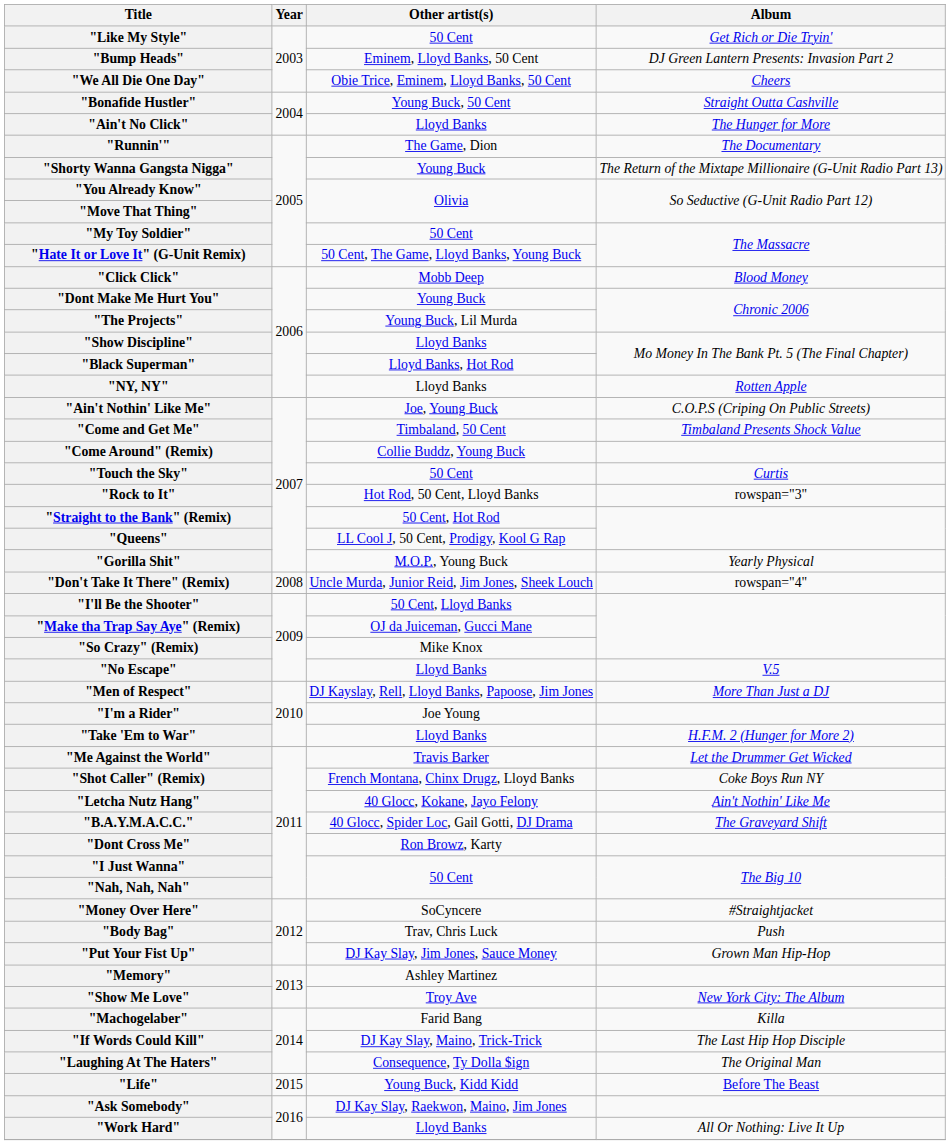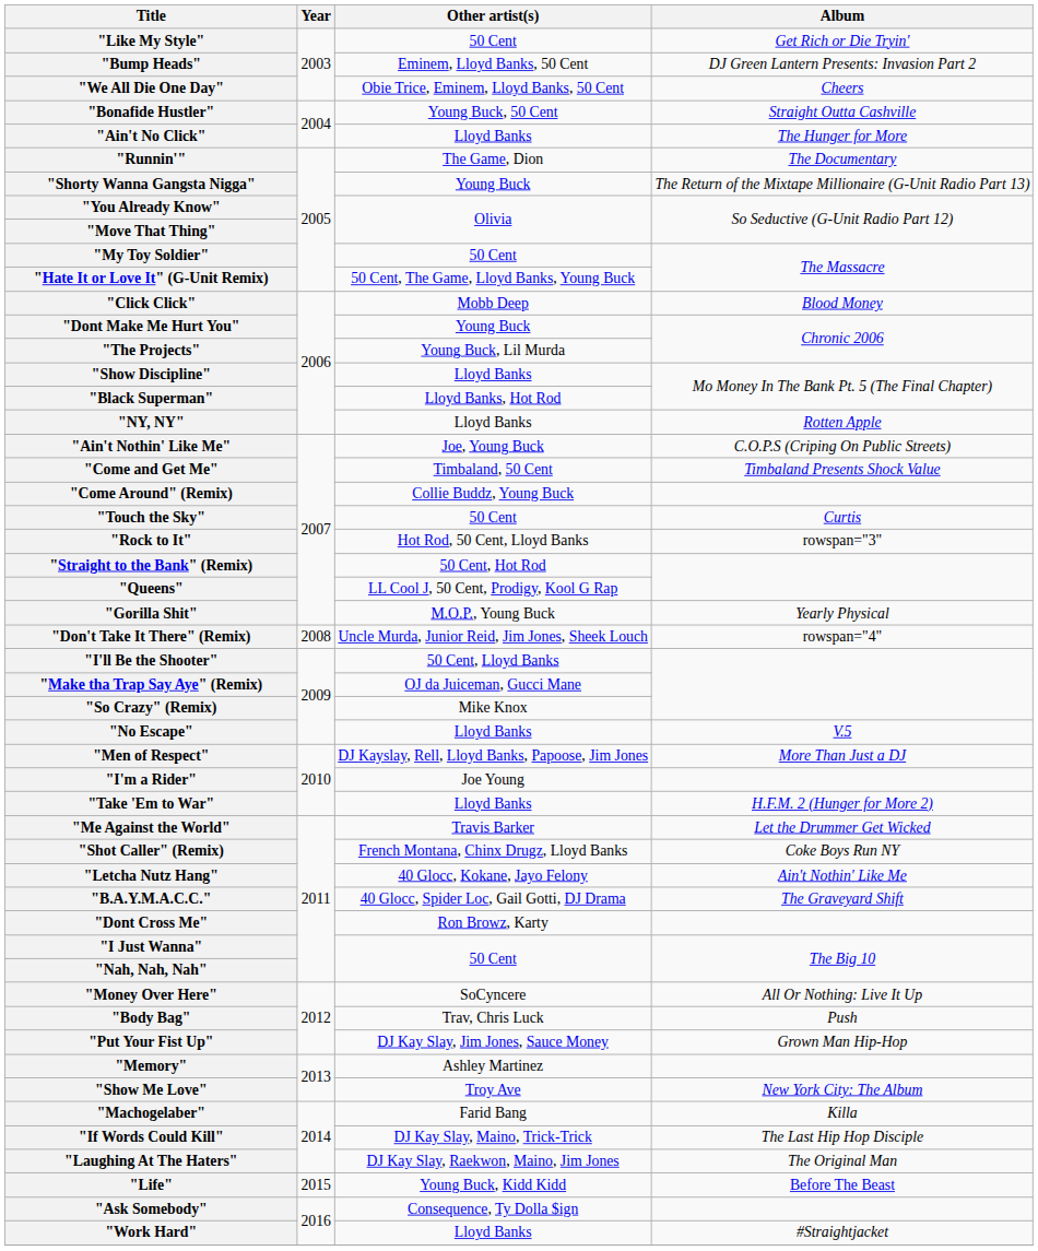 <table class="wikitable plainrowheaders" style="text-align:center;">
 <tr>
 <th scope="col" style="width:19em;">Title</th>
 <th scope="col">Year</th>
 <th scope="col">Other artist(s)</th>
 <th scope="col">Album</th>
 </tr>
 <tr>
 <th scope="row">"Like My Style"</th>
 <td rowspan="3">2003</td>
 <td><a href='#'>50 Cent</a></td>
 <td><em><a href='#'>Get Rich or Die Tryin'</a></em></td>
 </tr>
 <tr>
 <th scope="row">"Bump Heads"</th>
 <td><a href='#'>Eminem</a>, <a href='#'>Lloyd Banks</a>, 50 Cent</td>
 <td><em>DJ Green Lantern Presents: Invasion Part 2</em></td>
 </tr>
 <tr>
 <th scope="row">"We All Die One Day"</th>
 <td><a href='#'>Obie Trice</a>, <a href='#'>Eminem</a>, <a href='#'>Lloyd Banks</a>, <a href='#'>50 Cent</a></td>
 <td><em><a href='#'>Cheers</a></em></td>
 </tr>
 <tr>
 <th scope="row">"Bonafide Hustler"</th>
 <td rowspan="2">2004</td>
 <td><a href='#'>Young Buck</a>, <a href='#'>50 Cent</a></td>
 <td><em><a href='#'>Straight Outta Cashville</a></em></td>
 </tr>
 <tr>
 <th scope="row">"Ain't No Click"</th>
 <td><a href='#'>Lloyd Banks</a></td>
 <td><em><a href='#'>The Hunger for More</a></em></td>
 </tr>
 <tr>
 <th scope="row">"Runnin'"</th>
 <td rowspan="6">2005</td>
 <td><a href='#'>The Game</a>, Dion</td>
 <td><em><a href='#'>The Documentary</a></em></td>
 </tr>
 <tr>
 <th scope="row">"Shorty Wanna Gangsta Nigga"</th>
 <td><a href='#'>Young Buck</a></td>
 <td><em>The Return of the Mixtape Millionaire (G-Unit Radio Part 13)</em></td>
 </tr>
 <tr>
 <th scope="row">"You Already Know"</th>
 <td rowspan="2"><a href='#'>Olivia</a></td>
 <td rowspan="2"><em>So Seductive (G-Unit Radio Part 12)</em></td>
 </tr>
 <tr>
 <th scope="row">"Move That Thing"</th>
 </tr>
 <tr>
 <th scope="row">"My Toy Soldier"</th>
 <td><a href='#'>50 Cent</a></td>
 <td rowspan="2"><em><a href='#'>The Massacre</a></em></td>
 </tr>
 <tr>
 <th scope="row">"<a href='#'>Hate It or Love It</a>" (G-Unit Remix)</th>
 <td><a href='#'>50 Cent</a>, <a href='#'>The Game</a>, <a href='#'>Lloyd Banks</a>, <a href='#'>Young Buck</a></td>
 </tr>
 <tr>
 <th scope="row">"Click Click"</th>
 <td rowspan="6">2006</td>
 <td><a href='#'>Mobb Deep</a></td>
 <td><em><a href='#'>Blood Money</a></em></td>
 </tr>
 <tr>
 <th scope="row">"Dont Make Me Hurt You"</th>
 <td><a href='#'>Young Buck</a></td>
 <td rowspan="2"><em><a href='#'>Chronic 2006</a></em></td>
 </tr>
 <tr>
 <th scope="row">"The Projects"</th>
 <td><a href='#'>Young Buck</a>, Lil Murda</td>
 </tr>
 <tr>
 <th scope="row">"Show Discipline"</th>
 <td><a href='#'>Lloyd Banks</a></td>
 <td rowspan="2"><em>Mo Money In The Bank Pt. 5 (The Final Chapter)</em></td>
 </tr>
 <tr>
 <th scope="row">"Black Superman"</th>
 <td><a href='#'>Lloyd Banks</a>, <a href='#'>Hot Rod</a></td>
 </tr>
 <tr>
 <th scope="row">"NY, NY"</th>
 <td>Lloyd Banks</td>
 <td><em><a href='#'>Rotten Apple</a></em></td>
 </tr>
 <tr>
 <th scope="row">"Ain't Nothin' Like Me"</th>
 <td rowspan="8">2007</td>
 <td><a href='#'>Joe</a>, <a href='#'>Young Buck</a></td>
 <td><em>C.O.P.S (Criping On Public Streets)</em></td>
 </tr>
 <tr>
 <th scope="row">"Come and Get Me"</th>
 <td><a href='#'>Timbaland</a>, <a href='#'>50 Cent</a></td>
 <td><em><a href='#'>Timbaland Presents Shock Value</a></em></td>
 </tr>
 <tr>
 <th scope="row">"Come Around" (Remix)</th>
 <td><a href='#'>Collie Buddz</a>, <a href='#'>Young Buck</a></td>
 <td></td>
 </tr>
 <tr>
 <th scope="row">"Touch the Sky"</th>
 <td><a href='#'>50 Cent</a></td>
 <td><em><a href='#'>Curtis</a></em></td>
 </tr>
 <tr>
 <th scope="row">"Rock to It"</th>
 <td><a href='#'>Hot Rod</a>, 50 Cent, Lloyd Banks</td>
 <td>rowspan="3" </td>
 </tr>
 <tr>
 <th scope="row">"<a href='#'>Straight to the Bank</a>" (Remix)</th>
 <td><a href='#'>50 Cent</a>, <a href='#'>Hot Rod</a></td>
 </tr>
 <tr>
 <th scope="row">"Queens"</th>
 <td><a href='#'>LL Cool J</a>, 50 Cent, <a href='#'>Prodigy</a>, <a href='#'>Kool G Rap</a></td>
 </tr>
 <tr>
 <th scope="row">"Gorilla Shit"</th>
 <td><a href='#'>M.O.P.</a>, Young Buck</td>
 <td><em>Yearly Physical</em></td>
 </tr>
 <tr>
 <th scope="row">"Don't Take It There" (Remix)</th>
 <td>2008</td>
 <td><a href='#'>Uncle Murda</a>, <a href='#'>Junior Reid</a>, <a href='#'>Jim Jones</a>, <a href='#'>Sheek Louch</a></td>
 <td>rowspan="4" </td>
 </tr>
 <tr>
 <th scope="row">"I'll Be the Shooter"</th>
 <td rowspan="4">2009</td>
 <td><a href='#'>50 Cent</a>, <a href='#'>Lloyd Banks</a></td>
 </tr>
 <tr>
 <th scope="row">"<a href='#'>Make tha Trap Say Aye</a>" (Remix)</th>
 <td><a href='#'>OJ da Juiceman</a>, <a href='#'>Gucci Mane</a></td>
 </tr>
 <tr>
 <th scope="row">"So Crazy" (Remix)</th>
 <td>Mike Knox</td>
 </tr>
 <tr>
 <th scope="row">"No Escape"</th>
 <td><a href='#'>Lloyd Banks</a></td>
 <td><em><a href='#'>V.5</a></em></td>
 </tr>
 <tr>
 <th scope="row">"Men of Respect"</th>
 <td rowspan="3">2010</td>
 <td><a href='#'>DJ Kayslay</a>, <a href='#'>Rell</a>, <a href='#'>Lloyd Banks</a>, <a href='#'>Papoose</a>, <a href='#'>Jim Jones</a></td>
 <td><em><a href='#'>More Than Just a DJ</a></em></td>
 </tr>
 <tr>
 <th scope="row">"I'm a Rider"</th>
 <td>Joe Young</td>
 <td></td>
 </tr>
 <tr>
 <th scope="row">"Take 'Em to War"</th>
 <td><a href='#'>Lloyd Banks</a></td>
 <td><em><a href='#'>H.F.M. 2 (Hunger for More 2)</a></em></td>
 </tr>
 <tr>
 <th scope="row">"Me Against the World"</th>
 <td rowspan="7">2011</td>
 <td><a href='#'>Travis Barker</a></td>
 <td><em><a href='#'>Let the Drummer Get Wicked</a></em></td>
 </tr>
 <tr>
 <th scope="row">"Shot Caller" (Remix)</th>
 <td><a href='#'>French Montana</a>, <a href='#'>Chinx Drugz</a>, Lloyd Banks</td>
 <td><em>Coke Boys Run NY</em></td>
 </tr>
 <tr>
 <th scope="row">"Letcha Nutz Hang"</th>
 <td><a href='#'>40 Glocc</a>, <a href='#'>Kokane</a>, <a href='#'>Jayo Felony</a></td>
 <td><em><a href='#'>Ain't Nothin' Like Me</a></em></td>
 </tr>
 <tr>
 <th scope="row">"B.A.Y.M.A.C.C."</th>
 <td><a href='#'>40 Glocc</a>, <a href='#'>Spider Loc</a>, Gail Gotti, <a href='#'>DJ Drama</a></td>
 <td><em><a href='#'>The Graveyard Shift</a></em></td>
 </tr>
 <tr>
 <th scope="row">"Dont Cross Me"</th>
 <td><a href='#'>Ron Browz</a>, Karty</td>
 <td></td>
 </tr>
 <tr>
 <th scope="row">"I Just Wanna"</th>
 <td rowspan="2"><a href='#'>50 Cent</a></td>
 <td rowspan="2"><em><a href='#'>The Big 10</a></em></td>
 </tr>
 <tr>
 <th scope="row">"Nah, Nah, Nah"</th>
 </tr>
 <tr>
 <th scope="row">"Money Over Here"</th>
 <td rowspan="3">2012</td>
 <td>SoCyncere</td>
-<td><em>#Straightjacket</em></td>
+<td><em>All Or Nothing: Live It Up</em></td>
 </tr>
 <tr>
 <th scope="row">"Body Bag"</th>
 <td>Trav, Chris Luck</td>
 <td><em>Push</em></td>
 </tr>
 <tr>
 <th scope="row">"Put Your Fist Up"</th>
 <td><a href='#'>DJ Kay Slay</a>, <a href='#'>Jim Jones</a>, <a href='#'>Sauce Money</a></td>
 <td><em>Grown Man Hip-Hop</em></td>
 </tr>
 <tr>
 <th scope="row">"Memory"</th>
 <td rowspan="2">2013</td>
 <td>Ashley Martinez</td>
 <td></td>
 </tr>
 <tr>
 <th scope="row">"Show Me Love"</th>
 <td><a href='#'>Troy Ave</a></td>
 <td><em><a href='#'>New York City: The Album</a></em></td>
 </tr>
 <tr>
 <th scope="row">"Machogelaber"</th>
 <td rowspan="3">2014</td>
 <td>Farid Bang</td>
 <td><em>Killa</em></td>
 </tr>
 <tr>
 <th scope="row">"If Words Could Kill" </th>
 <td><a href='#'>DJ Kay Slay</a>, <a href='#'>Maino</a>, <a href='#'>Trick-Trick</a></td>
 <td><em>The Last Hip Hop Disciple</em></td>
 </tr>
 <tr>
 <th scope="row">"Laughing At The Haters"</th>
-<td><a href='#'>Consequence</a>, <a href='#'>Ty Dolla $ign</a></td>
+<td><a href='#'>DJ Kay Slay</a>, <a href='#'>Raekwon</a>, <a href='#'>Maino</a>, <a href='#'>Jim Jones</a></td>
 <td><em>The Original Man</em></td>
 </tr>
 <tr>
 <th scope="row">"Life"</th>
 <td>2015</td>
 <td><a href='#'>Young Buck</a>, <a href='#'>Kidd Kidd</a></td>
 <td><a href='#'>Before The Beast</a></td>
 </tr>
 <tr>
 <th scope="row">"Ask Somebody"</th>
 <td rowspan="2">2016</td>
-<td><a href='#'>DJ Kay Slay</a>, <a href='#'>Raekwon</a>, <a href='#'>Maino</a>, <a href='#'>Jim Jones</a></td>
+<td><a href='#'>Consequence</a>, <a href='#'>Ty Dolla $ign</a></td>
 <td></td>
 </tr>
 <tr>
 <th scope="row">"Work Hard"</th>
 <td><a href='#'>Lloyd Banks</a></td>
-<td><em>All Or Nothing: Live It Up</em></td>
+<td><em>#Straightjacket</em></td>
 </tr>
 <tr>
 </tr>
 </table>
